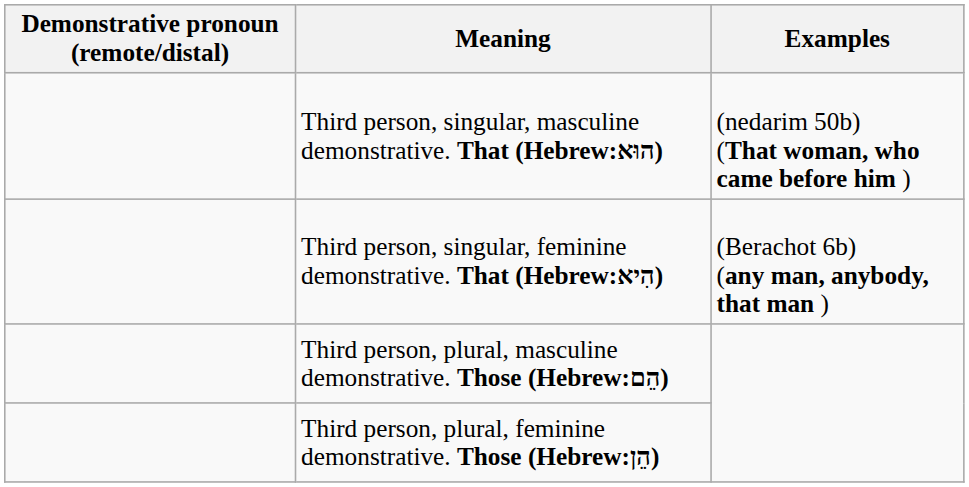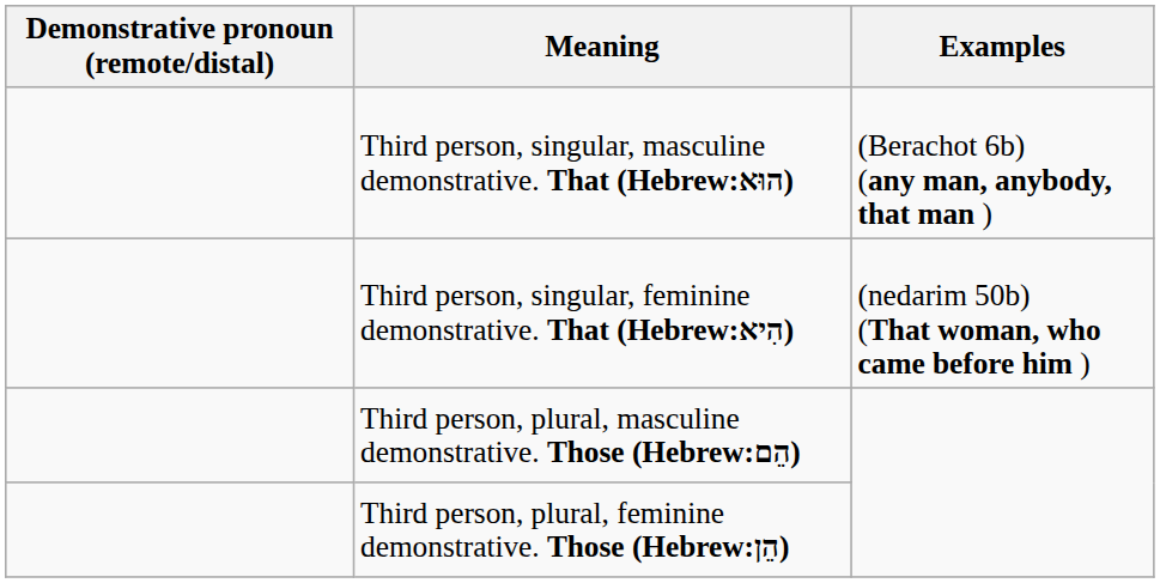 <table class="wikitable">
 <tr>
 <th>Demonstrative pronoun (remote/distal)</th>
 <th>Meaning</th>
 <th>Examples</th>
 </tr>
 <tr style="height: 50px">
 <td></td>
 <td>Third person, singular, masculine demonstrative. <strong>That (Hebrew:הוּא)</strong></td>
-<td> <br>(nedarim 50b) <br>  (<strong>That woman, who came before him  </strong>)</td>
+<td> <br> (Berachot 6b) <br> (<strong>any man, anybody, that man  </strong>)</td>
 </tr>
 <tr style="height: 50px">
 <td></td>
 <td>Third person, singular, feminine demonstrative. <strong>That (Hebrew:הִיא)</strong></td>
-<td> <br> (Berachot 6b) <br> (<strong>any man, anybody, that man  </strong>)</td>
+<td> <br>(nedarim 50b) <br>  (<strong>That woman, who came before him  </strong>)</td>
 </tr>
 <tr style="height: 50px">
 <td></td>
 <td>Third person, plural, masculine demonstrative. <strong>Those (Hebrew:הֵם)</strong></td>
 </tr>
 <tr style="height: 50px">
 <td></td>
 <td>Third person, plural, feminine demonstrative. <strong>Those (Hebrew:הֵן)</strong></td>
 </tr>
 </table>
